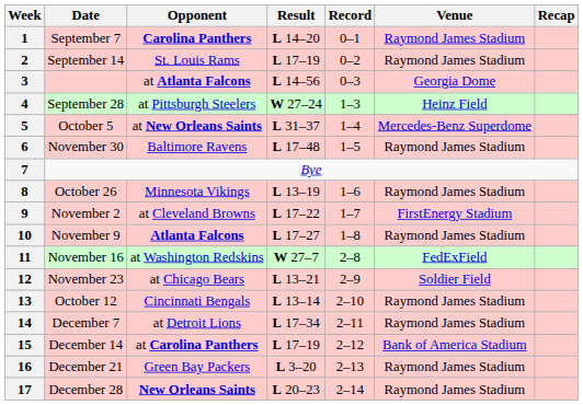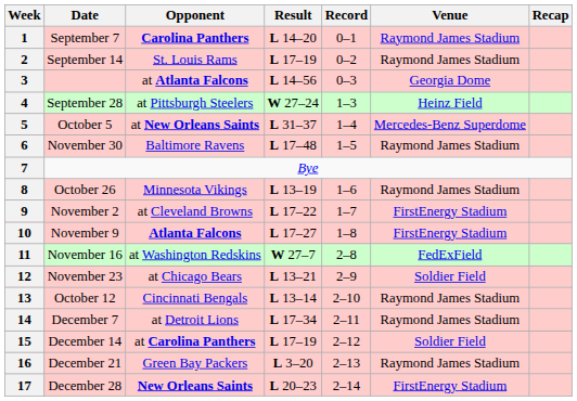 <table class="wikitable" style="text-align:center">
 <tr>
 <th>Week</th>
 <th>Date</th>
 <th>Opponent</th>
 <th>Result</th>
 <th>Record</th>
 <th>Venue</th>
 <th>Recap</th>
 </tr>
 <tr style="background:#fcc; text-align:center;">
 <th>1</th>
 <td>September 7</td>
 <td><strong><a href='#'>Carolina Panthers</a></strong></td>
 <td><strong>L</strong> 14–20</td>
 <td>0–1</td>
 <td><a href='#'>Raymond James Stadium</a></td>
 <td></td>
 </tr>
 <tr style="background:#fcc; text-align:center;">
 <th>2</th>
 <td>September 14</td>
 <td><a href='#'>St. Louis Rams</a></td>
 <td><strong>L</strong> 17–19</td>
 <td>0–2</td>
 <td>Raymond James Stadium</td>
 <td></td>
 </tr>
 <tr style="background:#fcc; text-align:center;">
 <th>3</th>
 <td></td>
 <td>at <strong><a href='#'>Atlanta Falcons</a></strong></td>
 <td><strong>L</strong> 14–56</td>
 <td>0–3</td>
 <td><a href='#'>Georgia Dome</a></td>
 <td></td>
 </tr>
 <tr style="background:#cfc; text-align:center;">
 <th>4</th>
 <td>September 28</td>
 <td>at <a href='#'>Pittsburgh Steelers</a></td>
 <td><strong>W</strong> 27–24</td>
 <td>1–3</td>
 <td><a href='#'>Heinz Field</a></td>
 <td></td>
 </tr>
 <tr style="background:#fcc; text-align:center;">
 <th>5</th>
 <td>October 5</td>
 <td>at <strong><a href='#'>New Orleans Saints</a></strong></td>
 <td><strong>L</strong> 31–37 </td>
 <td>1–4</td>
 <td><a href='#'>Mercedes-Benz Superdome</a></td>
 <td></td>
 </tr>
 <tr style="background:#fcc; text-align:center;">
 <th>6</th>
 <td>November 30</td>
 <td><a href='#'>Baltimore Ravens</a></td>
 <td><strong>L</strong> 17–48</td>
 <td>1–5</td>
 <td>Raymond James Stadium</td>
 <td></td>
 </tr>
 <tr>
 <th>7</th>
 <td colspan="7" style="text-align:center;"><em><a href='#'>Bye</a></em></td>
 </tr>
 <tr style="background:#fcc; text-align:center;">
 <th>8</th>
 <td>October 26</td>
 <td><a href='#'>Minnesota Vikings</a></td>
 <td><strong>L</strong> 13–19 </td>
 <td>1–6</td>
 <td>Raymond James Stadium</td>
 <td></td>
 </tr>
 <tr style="background:#fcc; text-align:center;">
 <th>9</th>
 <td>November 2</td>
 <td>at <a href='#'>Cleveland Browns</a></td>
 <td><strong>L</strong> 17–22</td>
 <td>1–7</td>
 <td><a href='#'>FirstEnergy Stadium</a></td>
 <td></td>
 </tr>
 <tr style="background:#fcc; text-align:center;">
 <th>10</th>
 <td>November 9</td>
 <td><strong><a href='#'>Atlanta Falcons</a></strong></td>
 <td><strong>L</strong> 17–27</td>
 <td>1–8</td>
-<td>Raymond James Stadium</td>
+<td><a href='#'>FirstEnergy Stadium</a></td>
 <td></td>
 </tr>
 <tr style="background:#cfc; text-align:center;">
 <th>11</th>
 <td>November 16</td>
 <td>at <a href='#'>Washington Redskins</a></td>
 <td><strong>W</strong> 27–7</td>
 <td>2–8</td>
 <td><a href='#'>FedExField</a></td>
 <td></td>
 </tr>
 <tr style="background:#fcc; text-align:center;">
 <th>12</th>
 <td>November 23</td>
 <td>at <a href='#'>Chicago Bears</a></td>
 <td><strong>L</strong> 13–21</td>
 <td>2–9</td>
 <td><a href='#'>Soldier Field</a></td>
 <td></td>
 </tr>
 <tr style="background:#fcc; text-align:center;">
 <th>13</th>
 <td>October 12</td>
 <td><a href='#'>Cincinnati Bengals</a></td>
 <td><strong>L</strong> 13–14</td>
 <td>2–10</td>
 <td>Raymond James Stadium</td>
 <td></td>
 </tr>
 <tr style="background:#fcc; text-align:center;">
 <th>14</th>
 <td>December 7</td>
 <td>at <a href='#'>Detroit Lions</a></td>
 <td><strong>L</strong> 17–34</td>
 <td>2–11</td>
 <td>Raymond James Stadium</td>
 <td></td>
 </tr>
 <tr style="background:#fcc; text-align:center;">
 <th>15</th>
 <td>December 14</td>
 <td>at <strong><a href='#'>Carolina Panthers</a></strong></td>
 <td><strong>L</strong> 17–19</td>
 <td>2–12</td>
-<td><a href='#'>Bank of America Stadium</a></td>
+<td><a href='#'>Soldier Field</a></td>
 <td></td>
 </tr>
 <tr style="background:#fcc; text-align:center;">
 <th>16</th>
 <td>December 21</td>
 <td><a href='#'>Green Bay Packers</a></td>
 <td><strong>L</strong> 3–20</td>
 <td>2–13</td>
 <td>Raymond James Stadium</td>
 <td></td>
 </tr>
 <tr style="background:#fcc; text-align:center;">
 <th>17</th>
 <td>December 28</td>
 <td><strong><a href='#'>New Orleans Saints</a></strong></td>
 <td><strong>L</strong> 20–23</td>
 <td>2–14</td>
-<td>Raymond James Stadium</td>
+<td><a href='#'>FirstEnergy Stadium</a></td>
 <td></td>
 </tr>
 </table>
